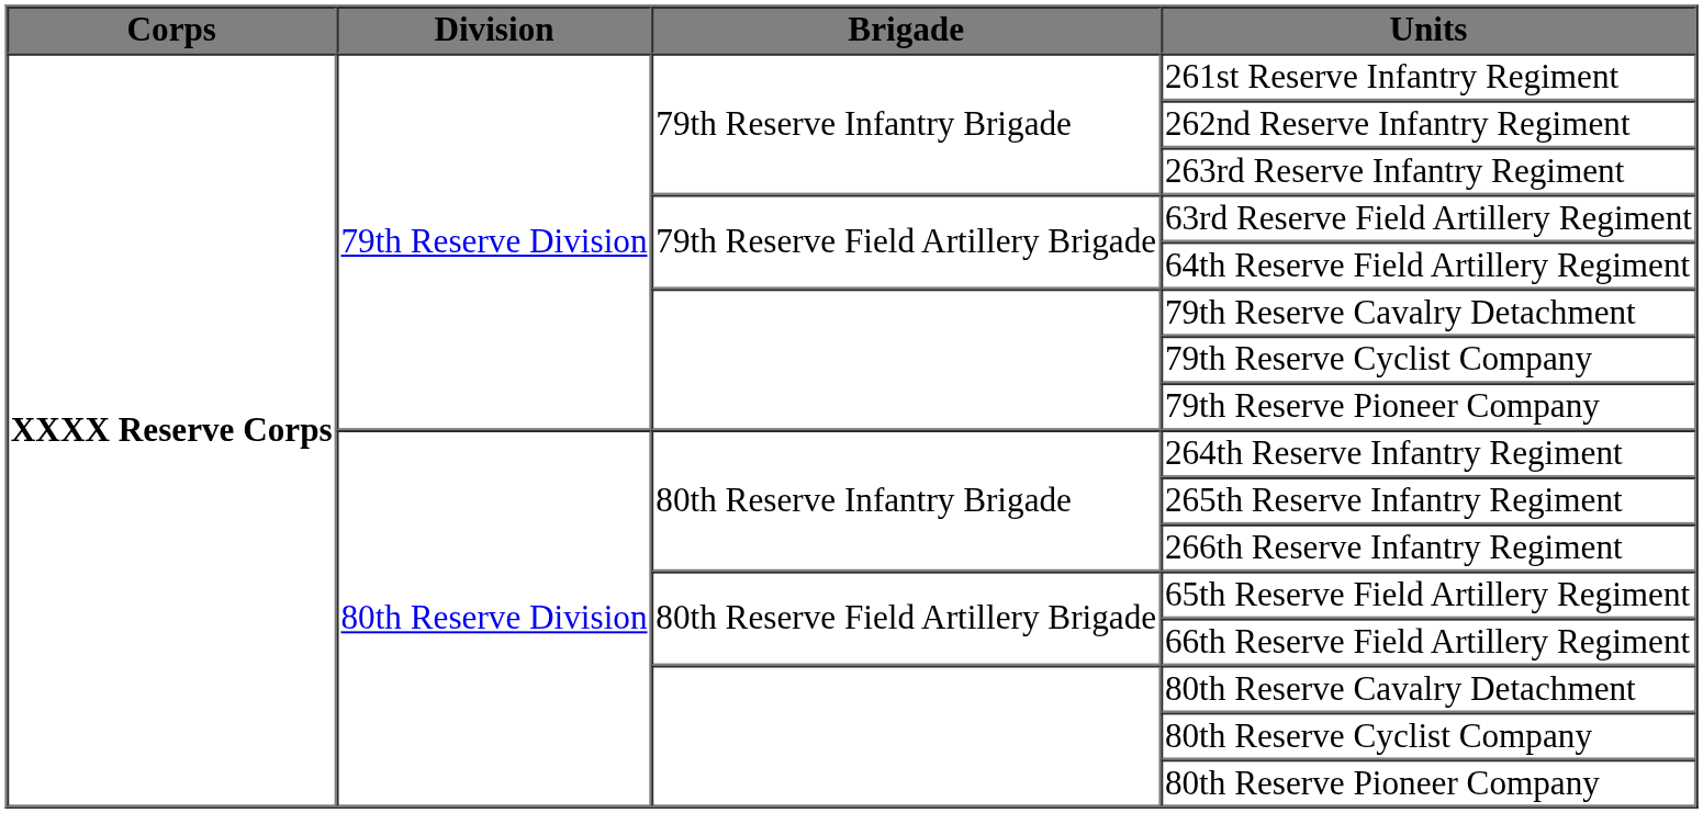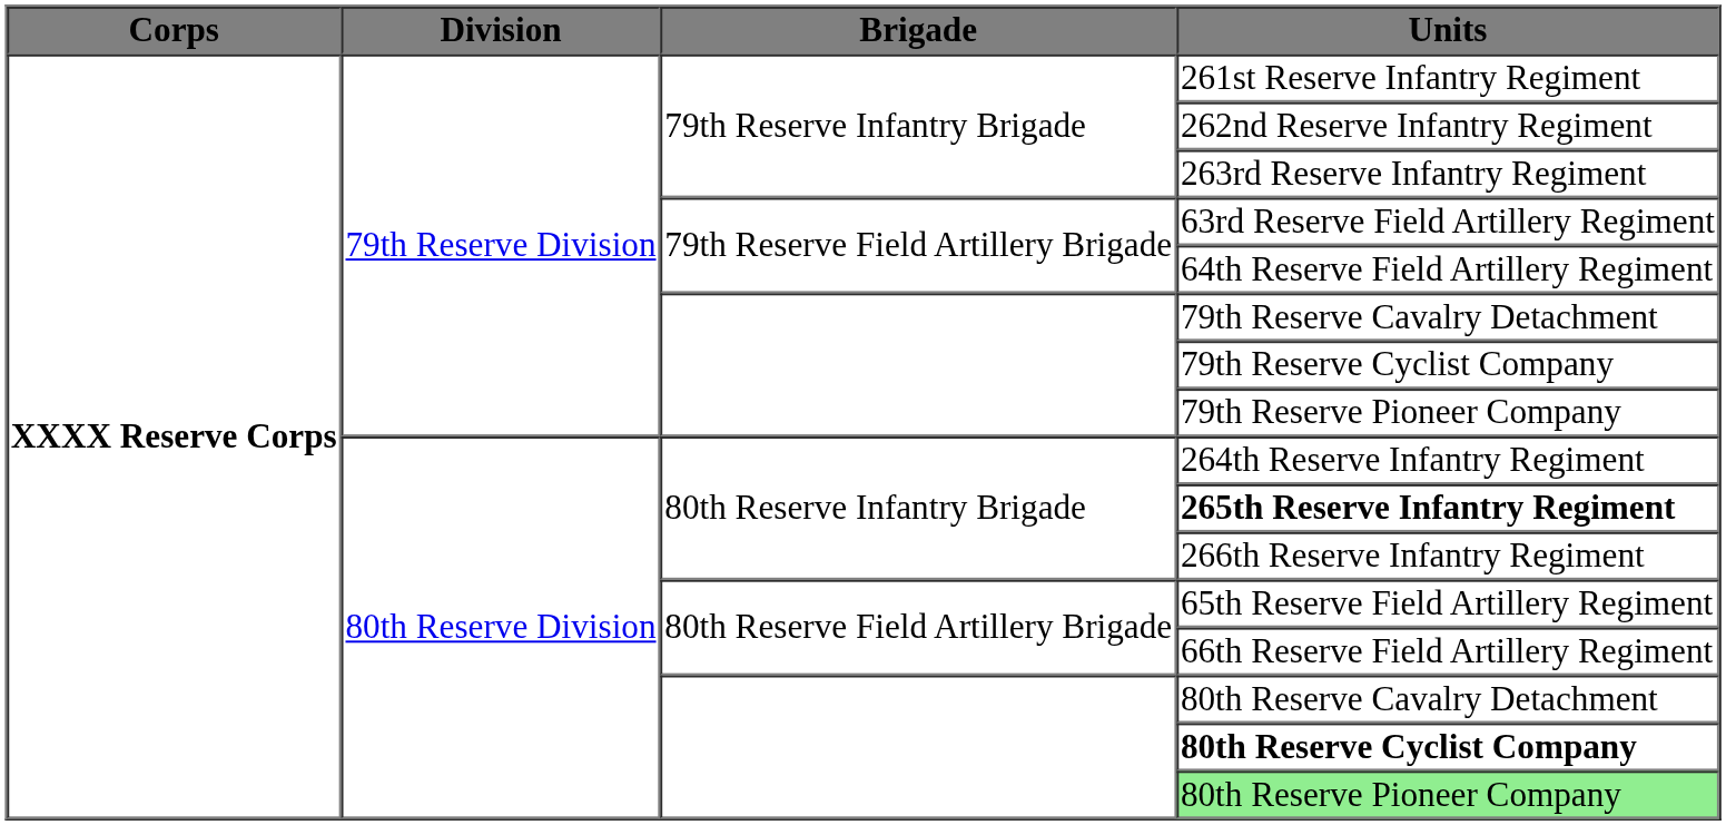 <table style="float: right;" border="1" cellpadding="1" cellspacing="0" style="font-size: 100%; border: gray solid 1px; border-collapse: collapse; text-align: center;">
 <tr style="background-color:grey; color:black;">
 <th>Corps</th>
 <th>Division</th>
 <th>Brigade</th>
 <th>Units</th>
 </tr>
 <tr>
 <td ROWSPAN=16><strong>XXXX Reserve Corps</strong></td>
 <td ROWSPAN=8><a href='#'>79th Reserve Division</a></td>
 <td ROWSPAN=3>79th Reserve Infantry Brigade</td>
 <td>261st Reserve Infantry Regiment</td>
 </tr>
 <tr>
 <td>262nd Reserve Infantry Regiment</td>
 </tr>
 <tr>
 <td>263rd Reserve Infantry Regiment</td>
 </tr>
 <tr>
 <td ROWSPAN=2>79th Reserve Field Artillery Brigade</td>
 <td>63rd Reserve Field Artillery Regiment</td>
 </tr>
 <tr>
 <td>64th Reserve Field Artillery Regiment</td>
 </tr>
 <tr>
 <td ROWSPAN=3></td>
 <td>79th Reserve Cavalry Detachment</td>
 </tr>
 <tr>
 <td>79th Reserve Cyclist Company</td>
 </tr>
 <tr>
 <td>79th Reserve Pioneer Company</td>
 </tr>
 <tr>
 <td ROWSPAN=8><a href='#'>80th Reserve Division</a></td>
 <td ROWSPAN=3>80th Reserve Infantry Brigade</td>
 <td>264th Reserve Infantry Regiment</td>
 </tr>
 <tr>
-<td>265th Reserve Infantry Regiment</td>
+<td><strong>265th Reserve Infantry Regiment</strong></td>
 </tr>
 <tr>
 <td>266th Reserve Infantry Regiment</td>
 </tr>
 <tr>
 <td ROWSPAN=2>80th Reserve Field Artillery Brigade</td>
 <td>65th Reserve Field Artillery Regiment</td>
 </tr>
 <tr>
 <td>66th Reserve Field Artillery Regiment</td>
 </tr>
 <tr>
 <td ROWSPAN=3></td>
 <td>80th Reserve Cavalry Detachment</td>
 </tr>
 <tr>
-<td>80th Reserve Cyclist Company</td>
+<td><strong>80th Reserve Cyclist Company</strong></td>
 </tr>
 <tr>
-<td>80th Reserve Pioneer Company</td>
+<td style="background: lightgreen;">80th Reserve Pioneer Company</td>
 </tr>
 <tr>
 </tr>
 </table>
